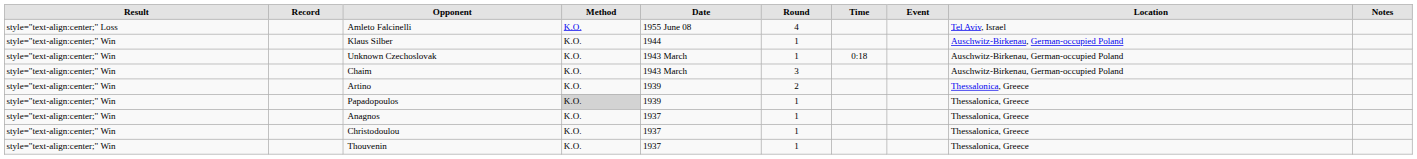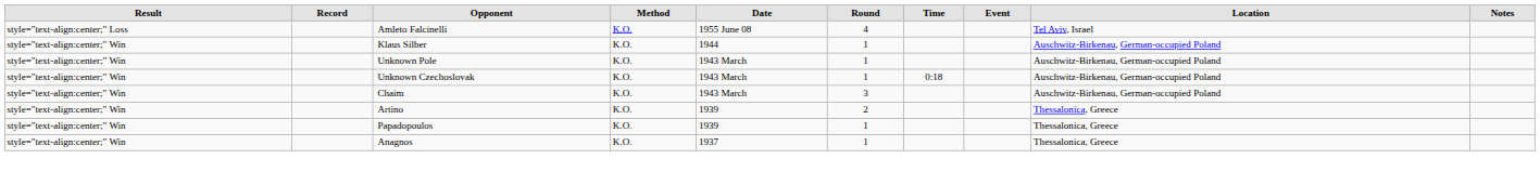 <table class="wikitable sortable" style="font-size:80%; text-align:left; width:100%;">
 <tr>
 <th style="border-style:none none solid solid; background:#e3e3e3;">Result</th>
 <th style="border-style:none none solid solid; background:#e3e3e3;">Record</th>
 <th style="border-style:none none solid solid; background:#e3e3e3;">Opponent</th>
 <th style="border-style:none none solid solid; background:#e3e3e3;">Method</th>
 <th style="border-style:none none solid solid; background:#e3e3e3;">Date</th>
 <th style="border-style:none none solid solid; background:#e3e3e3;">Round</th>
 <th style="border-style:none none solid solid; background:#e3e3e3;">Time</th>
 <th style="border-style:none none solid solid; background:#e3e3e3;">Event</th>
 <th style="border-style:none none solid solid; background:#e3e3e3;">Location</th>
 <th style="border-style:none none solid solid; background:#e3e3e3;">Notes</th>
 </tr>
 <tr>
 <td>style="text-align:center;" Loss</td>
 <td style="text-align:center;"></td>
 <td align='left'> Amleto Falcinelli</td>
 <td align='left'><a href='#'>K.O.</a></td>
 <td align='left'>1955 June 08</td>
 <td style="text-align:center;">4</td>
 <td style="text-align:center;"></td>
 <td align='left'></td>
 <td><a href='#'>Tel Aviv</a>, Israel</td>
 <td></td>
 </tr>
 <tr>
 <td>style="text-align:center;" Win</td>
 <td style="text-align:center;"></td>
 <td align='left'> Klaus Silber</td>
 <td align='left'>K.O.</td>
 <td align='left'>1944</td>
 <td style="text-align:center;">1</td>
 <td style="text-align:center;"></td>
 <td align='left'></td>
 <td><a href='#'>Auschwitz-Birkenau</a>, <a href='#'>German-occupied Poland</a></td>
+<td></td>
+</tr>
+<tr>
+<td>style="text-align:center;" Win</td>
+<td style="text-align:center;"></td>
+<td align='left'> Unknown Pole</td>
+<td align='left'>K.O.</td>
+<td align='left'>1943 March</td>
+<td style="text-align:center;">1</td>
+<td style="text-align:center;"></td>
+<td align='left'></td>
+<td>Auschwitz-Birkenau, German-occupied Poland</td>
 <td></td>
 </tr>
 <tr>
 <td>style="text-align:center;" Win</td>
 <td style="text-align:center;"></td>
 <td align='left'> Unknown Czechoslovak</td>
 <td align='left'>K.O.</td>
 <td align='left'>1943 March</td>
 <td style="text-align:center;">1</td>
 <td style="text-align:center;">0:18</td>
 <td align='left'></td>
 <td>Auschwitz-Birkenau, German-occupied Poland</td>
 <td></td>
 </tr>
 <tr>
 <td>style="text-align:center;" Win</td>
 <td style="text-align:center;"></td>
 <td align='left'> Chaim</td>
 <td align='left'>K.O.</td>
 <td align='left'>1943 March</td>
 <td style="text-align:center;">3</td>
 <td style="text-align:center;"></td>
 <td align='left'></td>
 <td>Auschwitz-Birkenau, German-occupied Poland</td>
 <td></td>
 </tr>
 <tr>
 <td>style="text-align:center;" Win</td>
 <td style="text-align:center;"></td>
 <td align='left'> Artino</td>
 <td align='left'>K.O.</td>
 <td align='left'>1939</td>
 <td style="text-align:center;">2</td>
 <td style="text-align:center;"></td>
 <td align='left'></td>
 <td><a href='#'>Thessalonica</a>, Greece</td>
 </tr>
 <tr>
 <td>style="text-align:center;" Win</td>
 <td style="text-align:center;"></td>
 <td align='left'> Papadopoulos</td>
-<td align='left' style="background: lightgrey;">K.O.</td>
+<td align='left'>K.O.</td>
 <td align='left'>1939</td>
 <td style="text-align:center;">1</td>
 <td style="text-align:center;"></td>
 <td align='left'></td>
 <td>Thessalonica, Greece</td>
 <td></td>
 </tr>
 <tr>
 <td>style="text-align:center;" Win</td>
 <td style="text-align:center;"></td>
 <td align='left'> Anagnos</td>
 <td align='left'>K.O.</td>
 <td align='left'>1937</td>
 <td style="text-align:center;">1</td>
 <td style="text-align:center;"></td>
 <td align='left'></td>
 <td>Thessalonica, Greece</td>
 <td></td>
 </tr>
-<tr>
-<td>style="text-align:center;" Win</td>
-<td style="text-align:center;"></td>
-<td align='left'> Christodoulou</td>
-<td align='left'>K.O.</td>
-<td align='left'>1937</td>
-<td style="text-align:center;">1</td>
-<td style="text-align:center;"></td>
-<td align='left'></td>
-<td>Thessalonica, Greece</td>
-<td></td>
-</tr>
-<tr>
-<td>style="text-align:center;" Win</td>
-<td style="text-align:center;"></td>
-<td align='left'> Thouvenin</td>
-<td align='left'>K.O.</td>
-<td align='left'>1937</td>
-<td style="text-align:center;">1</td>
-<td style="text-align:center;"></td>
-<td align='left'></td>
-<td>Thessalonica, Greece</td>
-<td></td>
-</tr>
 </table>
